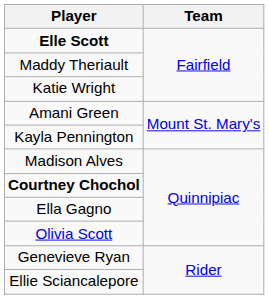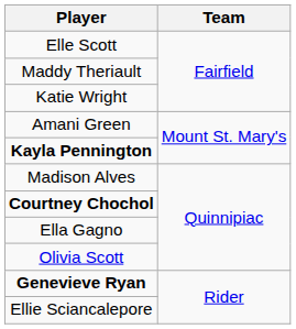 <table class="wikitable" style="text-align: center;">
 <tr>
 <th>Player</th>
 <th>Team</th>
 </tr>
 <tr>
-<td><strong>Elle Scott</strong></td>
+<td>Elle Scott</td>
 <td rowspan=3><a href='#'>Fairfield</a></td>
 </tr>
 <tr>
 <td>Maddy Theriault</td>
 </tr>
 <tr>
 <td>Katie Wright</td>
 </tr>
 <tr>
 <td>Amani Green</td>
 <td rowspan=2><a href='#'>Mount St. Mary's</a></td>
 </tr>
 <tr>
-<td>Kayla Pennington</td>
+<td><strong>Kayla Pennington</strong></td>
 </tr>
 <tr>
 <td>Madison Alves</td>
 <td rowspan=4><a href='#'>Quinnipiac</a></td>
 </tr>
 <tr>
 <td><strong>Courtney Chochol</strong></td>
 </tr>
 <tr>
 <td>Ella Gagno</td>
 </tr>
 <tr>
 <td><a href='#'>Olivia Scott</a></td>
 </tr>
 <tr>
-<td>Genevieve Ryan</td>
+<td><strong>Genevieve Ryan</strong></td>
 <td rowspan=2><a href='#'>Rider</a></td>
 </tr>
 <tr>
 <td>Ellie Sciancalepore</td>
 </tr>
 </table>
